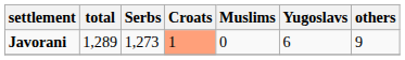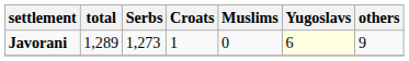 <table class="wikitable" style="font-size:95%;">
 <tr>
 <th>settlement</th>
 <th>total</th>
 <th>Serbs</th>
 <th>Croats</th>
 <th>Muslims</th>
 <th>Yugoslavs</th>
 <th>others</th>
 </tr>
 <tr>
 <td rowspan="1"><strong>Javorani</strong></td>
 <td>1,289</td>
 <td>1,273</td>
-<td style="background: lightsalmon;">1</td>
+<td>1</td>
 <td>0</td>
-<td>6</td>
+<td style="background: lightyellow;">6</td>
 <td>9</td>
 </tr>
 <tr>
 </tr>
 </table>
